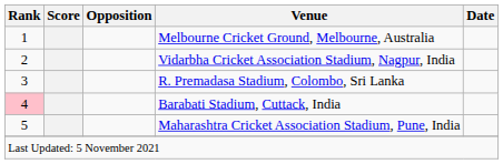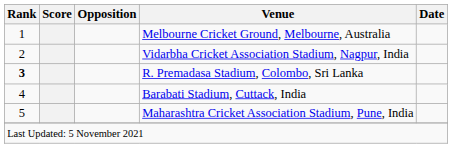 <table class="wikitable sortable">
 <tr>
 <th scope=col>Rank</th>
 <th scope=col>Score</th>
 <th scope=col>Opposition</th>
 <th scope=col>Venue</th>
 <th scope=col>Date</th>
 </tr>
 <tr>
 <td align=center>1</td>
 <th scope=row style=text-align:center;></th>
 <td></td>
 <td><a href='#'>Melbourne Cricket Ground</a>, <a href='#'>Melbourne</a>, Australia</td>
 <td></td>
 </tr>
 <tr>
 <td align=center>2</td>
 <th scope=row style=text-align:center;></th>
 <td></td>
 <td><a href='#'>Vidarbha Cricket Association Stadium</a>, <a href='#'>Nagpur</a>, India</td>
 <td> </td>
 </tr>
 <tr>
-<td align=center>3</td>
+<td align=center><strong>3</strong></td>
 <th scope=row style=text-align:center;></th>
 <td></td>
 <td><a href='#'>R. Premadasa Stadium</a>, <a href='#'>Colombo</a>, Sri Lanka</td>
 <td></td>
 </tr>
 <tr>
-<td align=center style="background: pink;">4</td>
+<td align=center>4</td>
 <th scope=row style=text-align:center;></th>
 <td></td>
 <td><a href='#'>Barabati Stadium</a>, <a href='#'>Cuttack</a>, India</td>
 <td></td>
 </tr>
 <tr>
 <td align=center>5</td>
 <th scope=row style=text-align:center;></th>
 <td></td>
 <td><a href='#'>Maharashtra Cricket Association Stadium</a>, <a href='#'>Pune</a>, India</td>
 <td></td>
 </tr>
 <tr>
 </tr>
 <tr class=sortbottom>
 <td colspan=5><small>Last Updated: 5 November 2021</small></td>
 </tr>
 </table>
